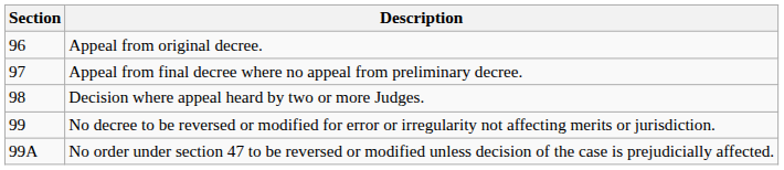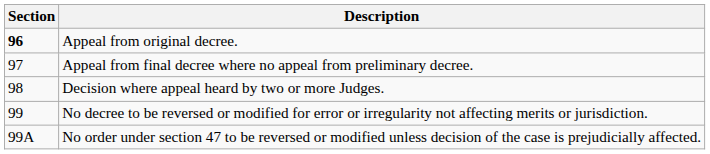 <table class="wikitable">
 <tr>
 <th>Section</th>
 <th>Description</th>
 </tr>
 <tr>
-<td>96</td>
+<td><strong>96</strong></td>
 <td>Appeal from original decree.</td>
 </tr>
 <tr>
 <td>97</td>
 <td>Appeal from final decree where no appeal from preliminary decree.</td>
 </tr>
 <tr>
 <td>98</td>
 <td>Decision where appeal heard by two or more Judges.</td>
 </tr>
 <tr>
 <td>99</td>
 <td>No decree to be reversed or modified for error or irregularity not affecting merits or jurisdiction.</td>
 </tr>
 <tr>
 <td>99A</td>
 <td>No order under section 47 to be reversed or modified unless decision of the case is prejudicially affected.</td>
 </tr>
 </table>
